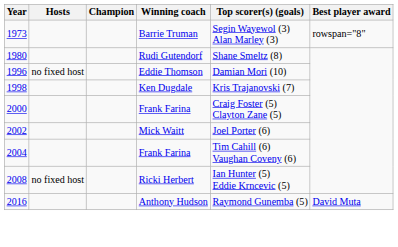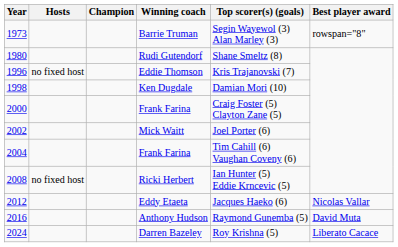 <table class=wikitable>
 <tr>
 <th>Year</th>
 <th>Hosts</th>
 <th>Champion</th>
 <th>Winning coach</th>
 <th>Top scorer(s) (goals)</th>
 <th>Best player award</th>
 </tr>
 <tr>
 <td><a href='#'>1973</a></td>
 <td></td>
 <td></td>
 <td> <a href='#'>Barrie Truman</a></td>
 <td> <a href='#'>Segin Wayewol</a> (3) <br>  <a href='#'>Alan Marley</a> (3)</td>
 <td>rowspan="8" </td>
 </tr>
 <tr>
 <td><a href='#'>1980</a></td>
 <td></td>
 <td></td>
 <td> <a href='#'>Rudi Gutendorf</a></td>
 <td> <a href='#'>Shane Smeltz</a> (8)</td>
 </tr>
 <tr>
 <td><a href='#'>1996</a></td>
 <td>no fixed host</td>
 <td></td>
 <td> <a href='#'>Eddie Thomson</a></td>
-<td> <a href='#'>Damian Mori</a> (10)</td>
+<td> <a href='#'>Kris Trajanovski</a> (7)</td>
 </tr>
 <tr>
 <td><a href='#'>1998</a></td>
 <td></td>
 <td></td>
 <td> <a href='#'>Ken Dugdale</a></td>
-<td> <a href='#'>Kris Trajanovski</a> (7)</td>
+<td> <a href='#'>Damian Mori</a> (10)</td>
 </tr>
 <tr>
 <td><a href='#'>2000</a></td>
 <td></td>
 <td></td>
 <td> <a href='#'>Frank Farina</a></td>
 <td> <a href='#'>Craig Foster</a> (5) <br>  <a href='#'>Clayton Zane</a> (5)</td>
 </tr>
 <tr>
 <td><a href='#'>2002</a></td>
 <td></td>
 <td></td>
 <td> <a href='#'>Mick Waitt</a></td>
 <td> <a href='#'>Joel Porter</a> (6)</td>
 </tr>
 <tr>
 <td><a href='#'>2004</a></td>
 <td></td>
 <td></td>
 <td> <a href='#'>Frank Farina</a></td>
 <td> <a href='#'>Tim Cahill</a> (6) <br>  <a href='#'>Vaughan Coveny</a> (6)</td>
 </tr>
 <tr>
 <td><a href='#'>2008</a></td>
 <td>no fixed host</td>
 <td></td>
 <td> <a href='#'>Ricki Herbert</a></td>
 <td> <a href='#'>Ian Hunter</a> (5) <br>  <a href='#'>Eddie Krncevic</a> (5)</td>
 </tr>
 <tr>
+<td><a href='#'>2012</a></td>
+<td></td>
+<td></td>
+<td> <a href='#'>Eddy Etaeta</a></td>
+<td> <a href='#'>Jacques Haeko</a> (6)</td>
+<td> <a href='#'>Nicolas Vallar</a></td>
+</tr>
+<tr>
 <td><a href='#'>2016</a></td>
 <td></td>
 <td></td>
 <td> <a href='#'>Anthony Hudson</a></td>
 <td> <a href='#'>Raymond Gunemba</a> (5)</td>
 <td> <a href='#'>David Muta</a></td>
 </tr>
+<tr>
+<td><a href='#'>2024</a></td>
+<td> <br> </td>
+<td></td>
+<td> <a href='#'>Darren Bazeley</a></td>
+<td> <a href='#'>Roy Krishna</a> (5)</td>
+<td> <a href='#'>Liberato Cacace</a></td>
+</tr>
 </table>
